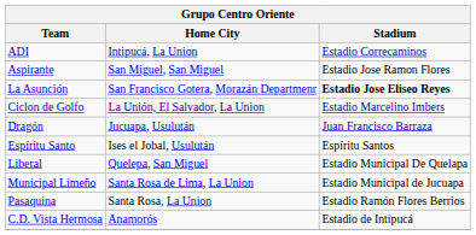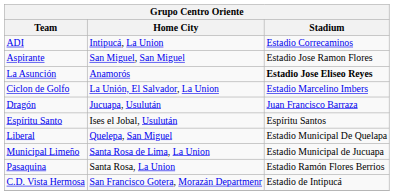 <table class="wikitable sortable">
 <tr>
 <th colspan=9>Grupo Centro Oriente</th>
 </tr>
 <tr>
 <th>Team</th>
 <th>Home City</th>
 <th>Stadium</th>
 </tr>
 <tr>
 <td><a href='#'>ADI</a></td>
 <td><a href='#'>Intipucá</a>, <a href='#'>La Union</a></td>
 <td><a href='#'>Estadio Correcaminos</a></td>
 </tr>
 <tr>
 <td><a href='#'>Aspirante</a></td>
 <td><a href='#'>San Miguel</a>, <a href='#'>San Miguel</a></td>
 <td>Estadio Jose Ramon Flores</td>
 </tr>
 <tr>
 <td><a href='#'>La Asunción</a></td>
-<td><a href='#'>San Francisco Gotera</a>, <a href='#'>Morazán Departmenr</a></td>
+<td><a href='#'>Anamorós</a></td>
 <td><strong>Estadio Jose Eliseo Reyes</strong></td>
 </tr>
 <tr>
 <td><a href='#'>Ciclon de Golfo</a></td>
 <td><a href='#'>La Unión, El Salvador</a>, <a href='#'>La Union</a></td>
 <td><a href='#'>Estadio Marcelino Imbers</a></td>
 </tr>
 <tr>
 <td><a href='#'>Dragón</a></td>
 <td><a href='#'>Jucuapa</a>, <a href='#'>Usulután</a></td>
 <td><a href='#'>Juan Francisco Barraza</a></td>
 </tr>
 <tr>
 <td><a href='#'>Espíritu Santo</a></td>
 <td>Ises el Jobal, <a href='#'>Usulután</a></td>
 <td>Espíritu Santos</td>
 </tr>
 <tr>
 <td><a href='#'>Liberal</a></td>
 <td><a href='#'>Quelepa</a>, <a href='#'>San Miguel</a></td>
 <td>Estadio Municipal De Quelapa</td>
 </tr>
 <tr>
 <td><a href='#'>Municipal Limeño</a></td>
 <td><a href='#'>Santa Rosa de Lima</a>, <a href='#'>La Union</a></td>
 <td>Estadio Municipal de Jucuapa</td>
 </tr>
 <tr>
 <td><a href='#'>Pasaquina</a></td>
 <td>Santa Rosa, <a href='#'>La Union</a></td>
 <td>Estadio Ramón Flores Berrios</td>
 </tr>
 <tr>
 <td><a href='#'>C.D. Vista Hermosa</a></td>
-<td><a href='#'>Anamorós</a></td>
+<td><a href='#'>San Francisco Gotera</a>, <a href='#'>Morazán Departmenr</a></td>
 <td>Estadio de Intipucá</td>
 </tr>
 <tr>
 </tr>
 </table>
